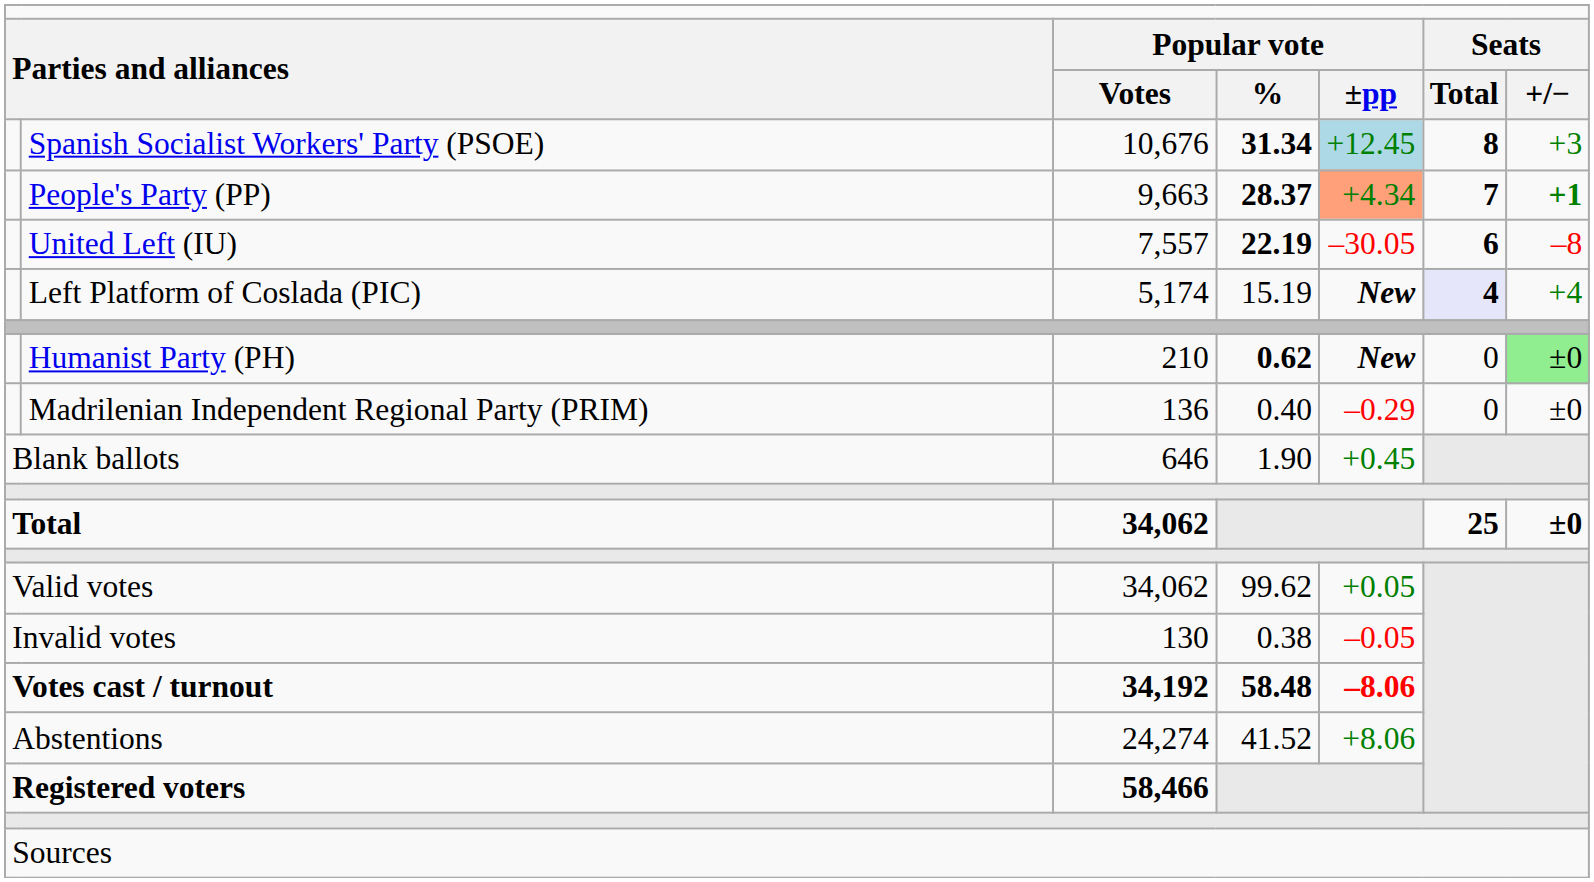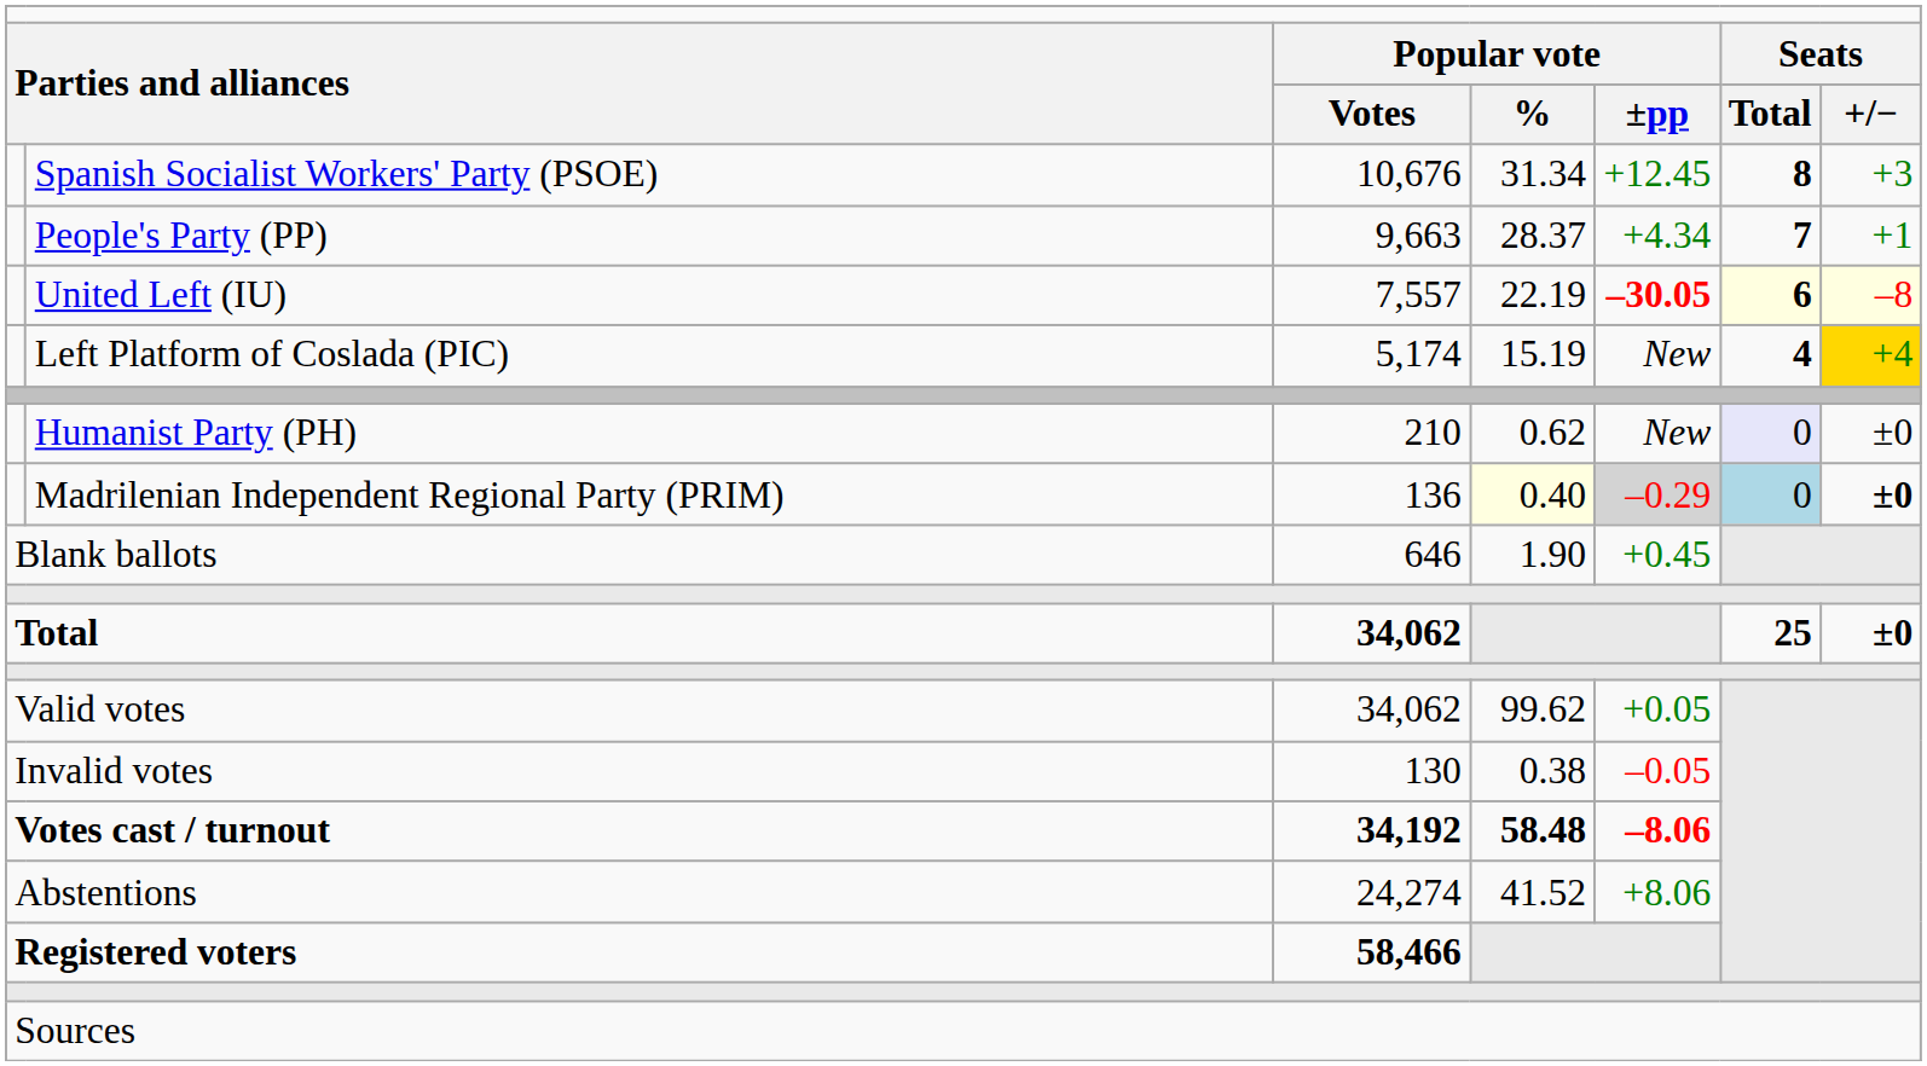 <table class="wikitable" style="text-align:right;">
 <tr>
 <td colspan="7"></td>
 </tr>
 <tr>
 <th style="text-align:left;" rowspan="2" colspan="2" width="525">Parties and alliances</th>
 <th colspan="3">Popular vote</th>
 <th colspan="2">Seats</th>
 </tr>
 <tr>
 <th width="75">Votes</th>
 <th width="45">%</th>
 <th width="45">±<a href='#'>pp</a></th>
 <th width="35">Total</th>
 <th width="35">+/−</th>
 </tr>
 <tr>
 <td width="1" style="color:inherit;background:"></td>
 <td align="left"><a href='#'>Spanish Socialist Workers' Party</a> (PSOE)</td>
 <td>10,676</td>
-<td><strong>31.34</strong></td>
-<td style="background: lightblue; color:green;">+12.45</td>
+<td>31.34</td>
+<td style="color:green;">+12.45</td>
 <td><strong>8</strong></td>
 <td style="color:green;">+3</td>
 </tr>
 <tr>
 <td style="color:inherit;background:"></td>
 <td align="left"><a href='#'>People's Party</a> (PP)</td>
 <td>9,663</td>
-<td><strong>28.37</strong></td>
-<td style="background: lightsalmon; color:green;">+4.34</td>
+<td>28.37</td>
+<td style="color:green;">+4.34</td>
 <td><strong>7</strong></td>
-<td style="color:green;"><strong>+1</strong></td>
+<td style="color:green;">+1</td>
 </tr>
 <tr>
 <td style="color:inherit;background:"></td>
 <td align="left"><a href='#'>United Left</a> (IU)</td>
 <td>7,557</td>
-<td><strong>22.19</strong></td>
-<td style="color:red;">–30.05</td>
-<td><strong>6</strong></td>
-<td style="color:red;">–8</td>
+<td>22.19</td>
+<td style="color:red;"><strong>–30.05</strong></td>
+<td style="background: lightyellow;"><strong>6</strong></td>
+<td style="background: lightyellow; color:red;">–8</td>
 </tr>
 <tr>
 <td style="color:inherit;background:"></td>
 <td align="left">Left Platform of Coslada (PIC)</td>
 <td>5,174</td>
 <td>15.19</td>
-<td><strong><em>New</em></strong></td>
-<td style="background: lavender;"><strong>4</strong></td>
-<td style="color:green;">+4</td>
+<td><em>New</em></td>
+<td><strong>4</strong></td>
+<td style="background: gold; color:green;">+4</td>
 </tr>
 <tr>
 <td colspan="7" bgcolor="#C0C0C0"></td>
 </tr>
 <tr>
 <td style="color:inherit;background:"></td>
 <td align="left"><a href='#'>Humanist Party</a> (PH)</td>
 <td>210</td>
-<td><strong>0.62</strong></td>
-<td><strong><em>New</em></strong></td>
-<td>0</td>
-<td style="background: lightgreen;">±0</td>
+<td>0.62</td>
+<td><em>New</em></td>
+<td style="background: lavender;">0</td>
+<td>±0</td>
 </tr>
 <tr>
 <td style="color:inherit;background:"></td>
 <td align="left">Madrilenian Independent Regional Party (PRIM)</td>
 <td>136</td>
-<td>0.40</td>
-<td style="color:red;">–0.29</td>
-<td>0</td>
-<td>±0</td>
+<td style="background: lightyellow;">0.40</td>
+<td style="background: lightgrey; color:red;">–0.29</td>
+<td style="background: lightblue;">0</td>
+<td><strong>±0</strong></td>
 </tr>
 <tr>
 <td align="left" colspan="2">Blank ballots</td>
 <td>646</td>
 <td>1.90</td>
 <td style="color:green;">+0.45</td>
 <td bgcolor="#E9E9E9" colspan="2"></td>
 </tr>
 <tr>
 <td colspan="7" bgcolor="#E9E9E9"></td>
 </tr>
 <tr style="font-weight:bold;">
 <td align="left" colspan="2">Total</td>
 <td>34,062</td>
 <td bgcolor="#E9E9E9" colspan="2"></td>
 <td>25</td>
 <td>±0</td>
 </tr>
 <tr>
 <td colspan="7" bgcolor="#E9E9E9"></td>
 </tr>
 <tr>
 <td align="left" colspan="2">Valid votes</td>
 <td>34,062</td>
 <td>99.62</td>
 <td style="color:green;">+0.05</td>
 <td bgcolor="#E9E9E9" colspan="2" rowspan="5"></td>
 </tr>
 <tr>
 <td align="left" colspan="2">Invalid votes</td>
 <td>130</td>
 <td>0.38</td>
 <td style="color:red;">–0.05</td>
 </tr>
 <tr style="font-weight:bold;">
 <td align="left" colspan="2">Votes cast / turnout</td>
 <td>34,192</td>
 <td>58.48</td>
 <td style="color:red;">–8.06</td>
 </tr>
 <tr>
 <td align="left" colspan="2">Abstentions</td>
 <td>24,274</td>
 <td>41.52</td>
 <td style="color:green;">+8.06</td>
 </tr>
 <tr style="font-weight:bold;">
 <td align="left" colspan="2">Registered voters</td>
 <td>58,466</td>
 <td bgcolor="#E9E9E9" colspan="2"></td>
 </tr>
 <tr>
 <td colspan="7" bgcolor="#E9E9E9"></td>
 </tr>
 <tr>
 <td align="left" colspan="7">Sources</td>
 </tr>
 </table>
